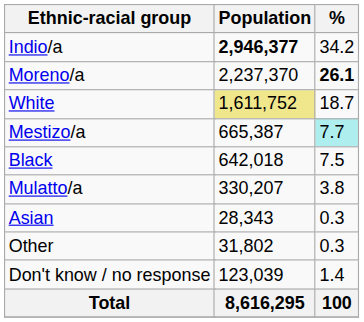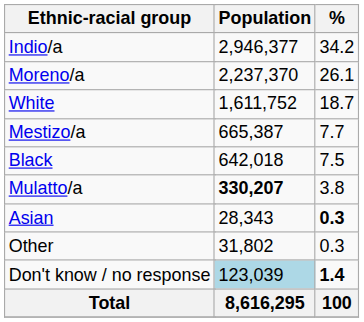 <table class="wikitable sortable" style="text-align:left">
 <tr>
 <th colspan="2">Ethnic-racial group </th>
 <th>Population</th>
 <th>%</th>
 </tr>
 <tr>
 <td colspan="2"><a href='#'>Indio</a>/a</td>
-<td><strong>2,946,377</strong></td>
+<td>2,946,377</td>
 <td>34.2</td>
 </tr>
 <tr>
 <td colspan="2"><a href='#'>Moreno</a>/a</td>
 <td>2,237,370</td>
-<td><strong>26.1</strong></td>
+<td>26.1</td>
 </tr>
 <tr>
 <td colspan="2"><a href='#'>White</a></td>
-<td style="background: khaki;">1,611,752</td>
+<td>1,611,752</td>
 <td>18.7</td>
 </tr>
 <tr>
 <td colspan="2"><a href='#'>Mestizo</a>/a</td>
 <td>665,387</td>
-<td style="background: paleturquoise;">7.7</td>
+<td>7.7</td>
 </tr>
 <tr>
 <td colspan="2"><a href='#'>Black</a></td>
 <td>642,018</td>
 <td>7.5</td>
 </tr>
 <tr>
 <td colspan="2"><a href='#'>Mulatto</a>/a</td>
-<td>330,207</td>
+<td><strong>330,207</strong></td>
 <td>3.8</td>
 </tr>
 <tr>
 <td colspan="2"><a href='#'>Asian</a></td>
 <td>28,343</td>
-<td>0.3</td>
+<td><strong>0.3</strong></td>
 </tr>
 <tr>
 <td colspan="2">Other</td>
 <td>31,802</td>
 <td>0.3</td>
 </tr>
 <tr>
 <td colspan="2">Don't know / no response</td>
-<td>123,039</td>
-<td>1.4</td>
+<td style="background: lightblue;">123,039</td>
+<td><strong>1.4</strong></td>
 </tr>
 <tr>
 <th colspan="2">Total</th>
 <th align=center>8,616,295</th>
 <th align=center>100</th>
 </tr>
 <tr>
 </tr>
 </table>
